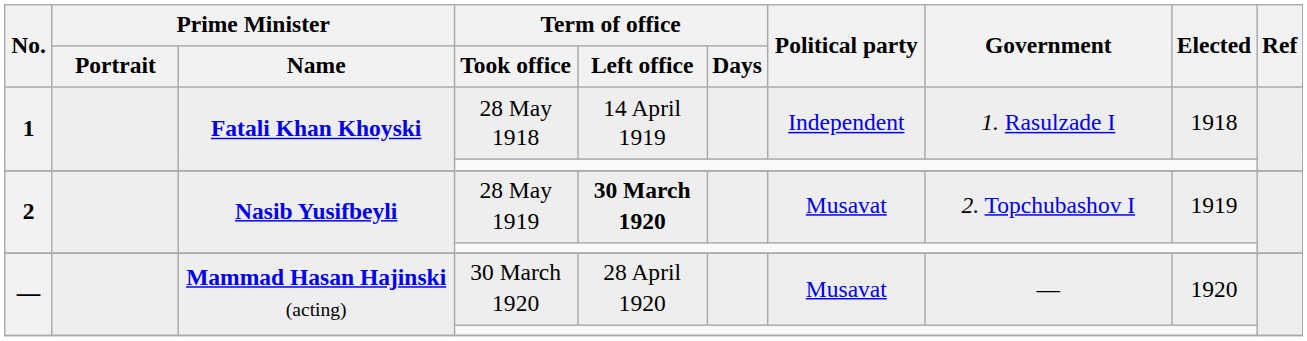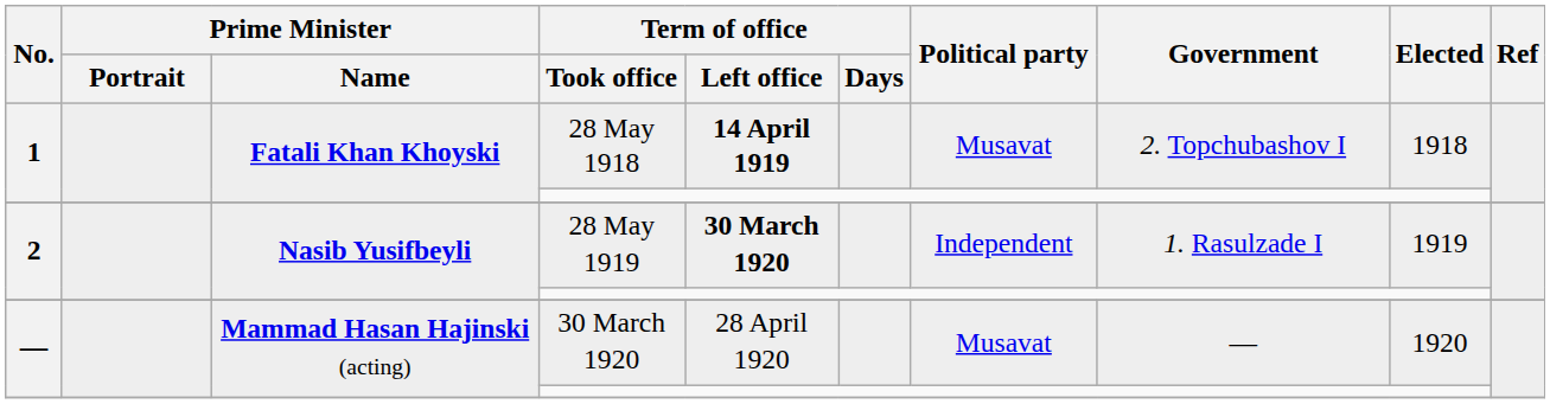 <table class="wikitable" style="text-align:center; line-height:130%;" width="100%">
 <tr>
 <th rowspan=2 style="width:25px;">No.</th>
 <th colspan=2 style="width:280px;">Prime Minister</th>
 <th colspan=3>Term of office</th>
 <th style="width:100px;" rowspan="2">Political party</th>
 <th style="width:160px;" rowspan="2">Government</th>
 <th rowspan=2>Elected</th>
 <th rowspan=2 style="width:20px;">Ref</th>
 </tr>
 <tr>
 <th>Portrait</th>
 <th width=180px>Name</th>
 <th>Took office</th>
 <th>Left office</th>
 <th>Days</th>
 </tr>
 <tr bgcolor=#EEEEEE>
 <th rowspan=2 style="background:">1</th>
 <td rowspan=2></td>
 <td rowspan=2><strong><a href='#'>Fatali Khan Khoyski</a></strong><br></td>
 <td>28 May 1918</td>
-<td>14 April 1919</td>
+<td><strong>14 April 1919</strong></td>
 <td></td>
-<td style="background:"><span><a href='#'>Independent</a></span></td>
-<td><em>1.</em> <a href='#'>Rasulzade I</a></td>
+<td style="background:"><span><a href='#'>Musavat</a></span></td>
+<td><em>2.</em> <a href='#'>Topchubashov I</a></td>
 <td>1918</td>
 <td rowspan=2></td>
 </tr>
 <tr>
 <td colspan=6 align=center></td>
 </tr>
 <tr bgcolor=#EEEEEE>
 </tr>
 <tr>
 </tr>
 <tr bgcolor=#EEEEEE>
 <th rowspan=2 style="background:">2</th>
 <td rowspan=2></td>
 <td rowspan=2><strong><a href='#'>Nasib Yusifbeyli</a></strong><br></td>
 <td>28 May 1919</td>
 <td><strong>30 March 1920</strong></td>
 <td></td>
-<td style="background:"><span><a href='#'>Musavat</a></span></td>
-<td><em>2.</em> <a href='#'>Topchubashov I</a></td>
+<td style="background:"><span><a href='#'>Independent</a></span></td>
+<td><em>1.</em> <a href='#'>Rasulzade I</a></td>
 <td>1919</td>
 <td rowspan=2></td>
 </tr>
 <tr>
 <td colspan=6 align=center></td>
 </tr>
 <tr bgcolor=#EEEEEE>
 </tr>
 <tr>
 </tr>
 <tr bgcolor=#EEEEEE>
 <th rowspan=2 style="background:">—</th>
 <td rowspan=2></td>
 <td rowspan=2><strong><a href='#'>Mammad Hasan Hajinski</a></strong> <small>(acting)</small><br></td>
 <td>30 March 1920</td>
 <td>28 April 1920</td>
 <td></td>
 <td style="background:"><span><a href='#'>Musavat</a></span></td>
 <td>—</td>
 <td>1920</td>
 <td rowspan=2></td>
 </tr>
 <tr>
 <td colspan=6 align=center></td>
 </tr>
 <tr bgcolor=#EEEEEE>
 </tr>
 </table>
